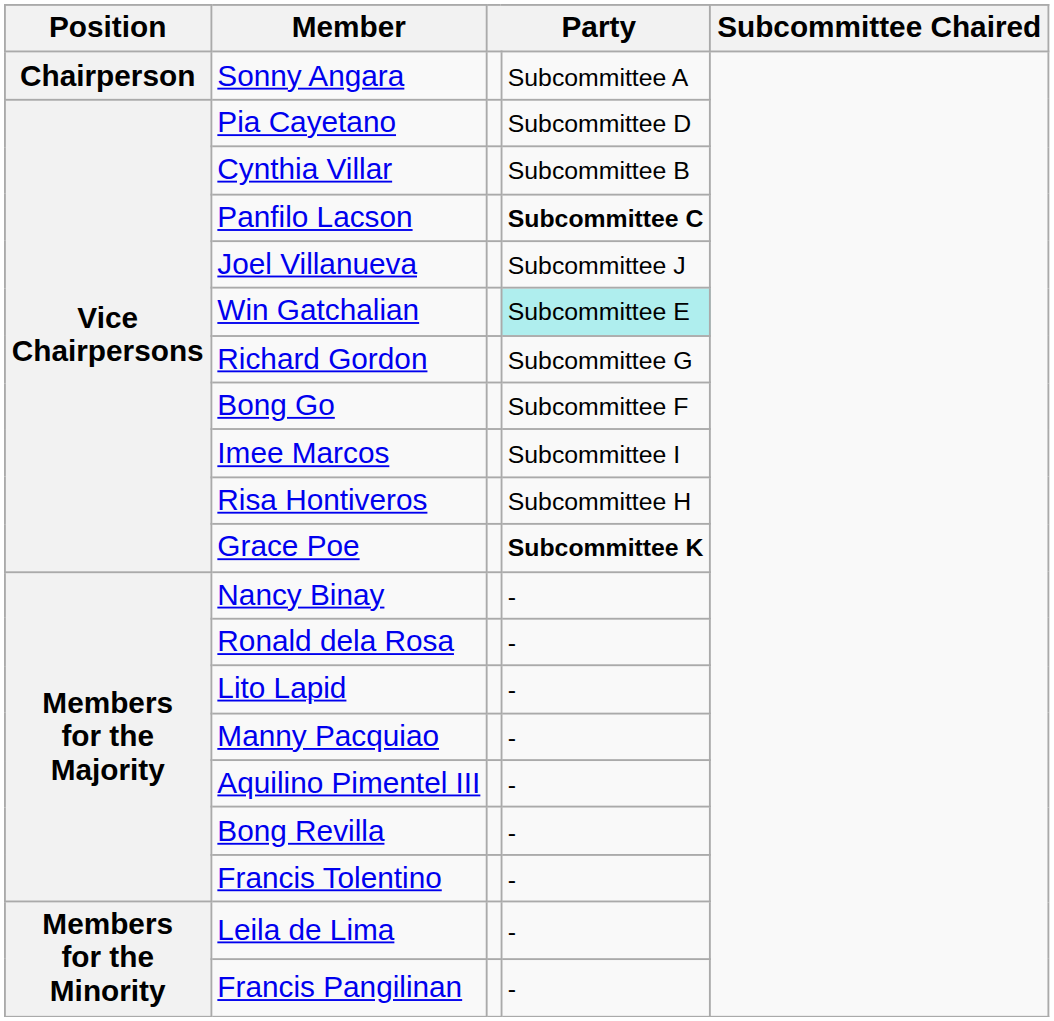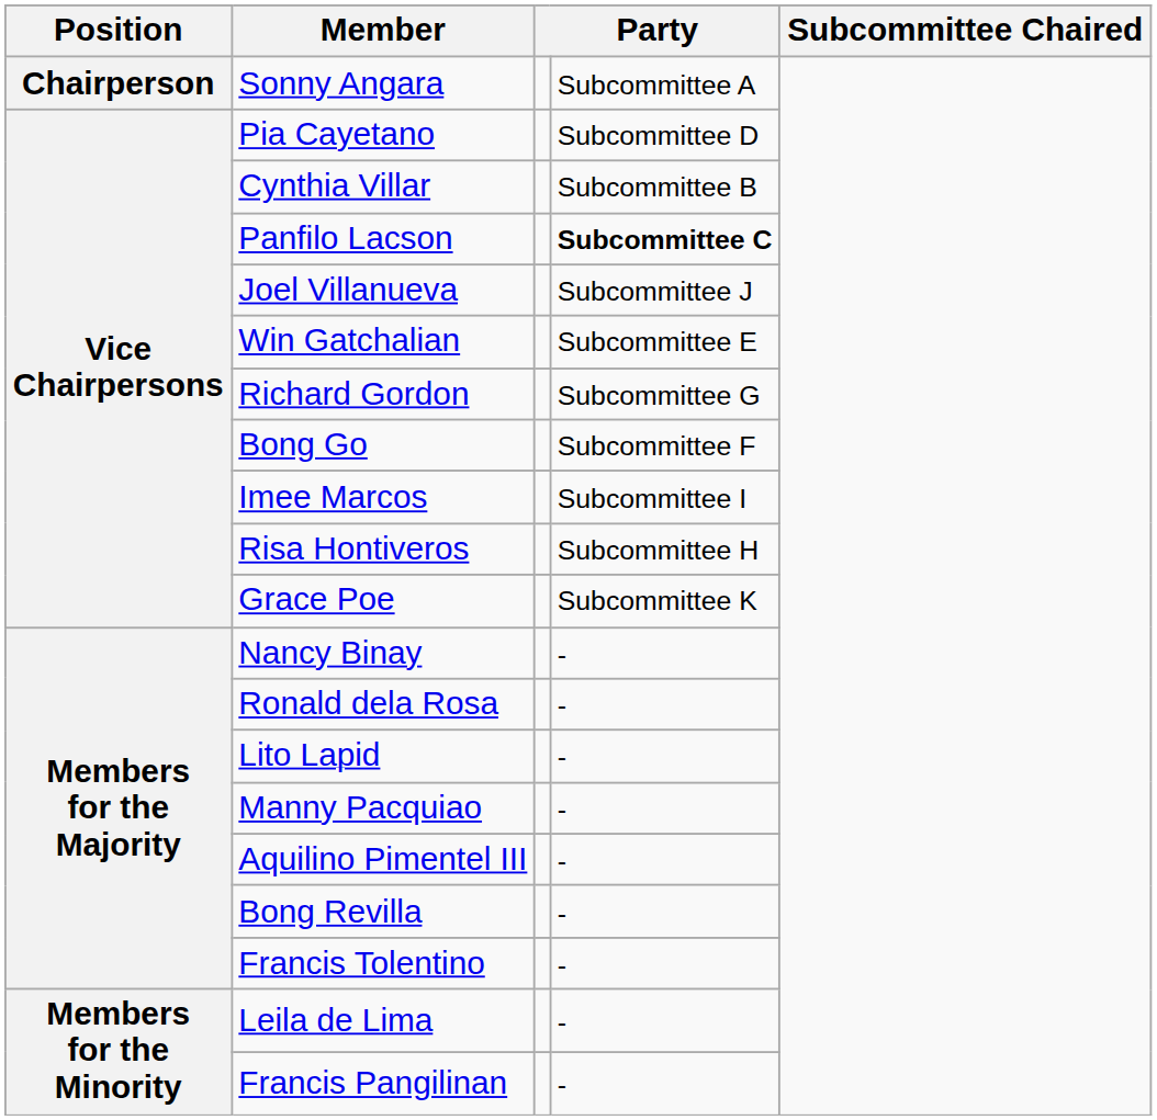 <table class="wikitable">
 <tr>
 <th>Position</th>
 <th>Member</th>
 <th colspan="2">Party</th>
 <th>Subcommittee Chaired</th>
 </tr>
 <tr>
 <th><strong>Chairperson</strong></th>
 <td><a href='#'>Sonny Angara</a></td>
 <td></td>
 <td><small>Subcommittee A</small></td>
 </tr>
 <tr>
 <th rowspan="10"><strong>Vice<br>Chairpersons</strong></th>
 <td><a href='#'>Pia Cayetano</a></td>
 <td></td>
 <td><small>Subcommittee D</small></td>
 </tr>
 <tr>
 <td><a href='#'>Cynthia Villar</a></td>
 <td></td>
 <td><small>Subcommittee B</small></td>
 </tr>
 <tr>
 <td><a href='#'>Panfilo Lacson</a></td>
 <td></td>
 <td><strong><small>Subcommittee C</small></strong></td>
 </tr>
 <tr>
 <td><a href='#'>Joel Villanueva</a></td>
 <td></td>
 <td><small>Subcommittee J</small></td>
 </tr>
 <tr>
 <td><a href='#'>Win Gatchalian</a></td>
 <td></td>
-<td style="background: paleturquoise;"><small>Subcommittee E</small></td>
+<td><small>Subcommittee E</small></td>
 </tr>
 <tr>
 <td><a href='#'>Richard Gordon</a></td>
 <td></td>
 <td><small>Subcommittee G</small></td>
 </tr>
 <tr>
 <td><a href='#'>Bong Go</a></td>
 <td></td>
 <td><small>Subcommittee F</small></td>
 </tr>
 <tr>
 <td><a href='#'>Imee Marcos</a></td>
 <td></td>
 <td><small>Subcommittee I</small></td>
 </tr>
 <tr>
 <td><a href='#'>Risa Hontiveros</a></td>
 <td></td>
 <td><small>Subcommittee H</small></td>
 </tr>
 <tr>
 <td><a href='#'>Grace Poe</a></td>
 <td></td>
-<td><strong><small>Subcommittee K</small></strong></td>
+<td><small>Subcommittee K</small></td>
 </tr>
 <tr>
 <th rowspan="7"><strong>Members</strong><br><strong>for the</strong><br><strong>Majority</strong></th>
 <td><a href='#'>Nancy Binay</a></td>
 <td></td>
 <td><small>-</small></td>
 </tr>
 <tr>
 <td><a href='#'>Ronald dela Rosa</a></td>
 <td></td>
 <td><small>-</small></td>
 </tr>
 <tr>
 <td><a href='#'>Lito Lapid</a></td>
 <td></td>
 <td><small>-</small></td>
 </tr>
 <tr>
 <td><a href='#'>Manny Pacquiao</a></td>
 <td></td>
 <td><small>-</small></td>
 </tr>
 <tr>
 <td><a href='#'>Aquilino Pimentel III</a></td>
 <td></td>
 <td><small>-</small></td>
 </tr>
 <tr>
 <td><a href='#'>Bong Revilla</a></td>
 <td></td>
 <td><small>-</small></td>
 </tr>
 <tr>
 <td><a href='#'>Francis Tolentino</a></td>
 <td></td>
 <td><small>-</small></td>
 </tr>
 <tr>
 <th rowspan="2"><strong>Members</strong><br><strong>for the</strong><br><strong>Minority</strong></th>
 <td><a href='#'>Leila de Lima</a></td>
 <td></td>
 <td><small>-</small></td>
 </tr>
 <tr>
 <td><a href='#'>Francis Pangilinan</a></td>
 <td></td>
 <td><small>-</small></td>
 </tr>
 </table>
